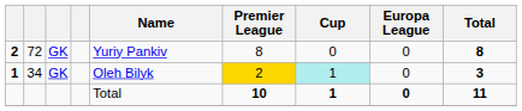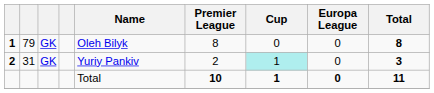 <table class="wikitable" style="text-align:center">
 <tr>
 <th width=15></th>
 <th width=15></th>
 <th width=15></th>
 <th width=15></th>
 <th width=150>Name</th>
 <th width=80>Premier League</th>
 <th width=80>Cup</th>
 <th width=80>Europa League</th>
 <th width=80>Total</th>
 </tr>
 <tr>
-<td><strong>2</strong></td>
-<td>72</td>
+<td><strong>1</strong></td>
+<td>79</td>
 <td><a href='#'>GK</a></td>
 <td></td>
-<td align=left><a href='#'>Yuriy Pankiv</a></td>
+<td align=left><a href='#'>Oleh Bilyk</a></td>
 <td>8</td>
 <td>0</td>
 <td>0</td>
 <td><strong>8</strong></td>
 </tr>
 <tr>
-<td><strong>1</strong></td>
-<td>34</td>
+<td><strong>2</strong></td>
+<td>31</td>
 <td><a href='#'>GK</a></td>
 <td></td>
-<td align=left><a href='#'>Oleh Bilyk</a></td>
-<td style="background: gold;">2</td>
+<td align=left><a href='#'>Yuriy Pankiv</a></td>
+<td>2</td>
 <td style="background: paleturquoise;">1</td>
 <td>0</td>
 <td><strong>3</strong></td>
 </tr>
 <tr>
 <td></td>
 <td></td>
 <td></td>
 <td></td>
 <td align=left>Total</td>
 <td><strong>10</strong></td>
 <td><strong>1</strong></td>
 <td><strong>0</strong></td>
 <td><strong>11</strong></td>
 </tr>
 <tr>
 </tr>
 </table>
